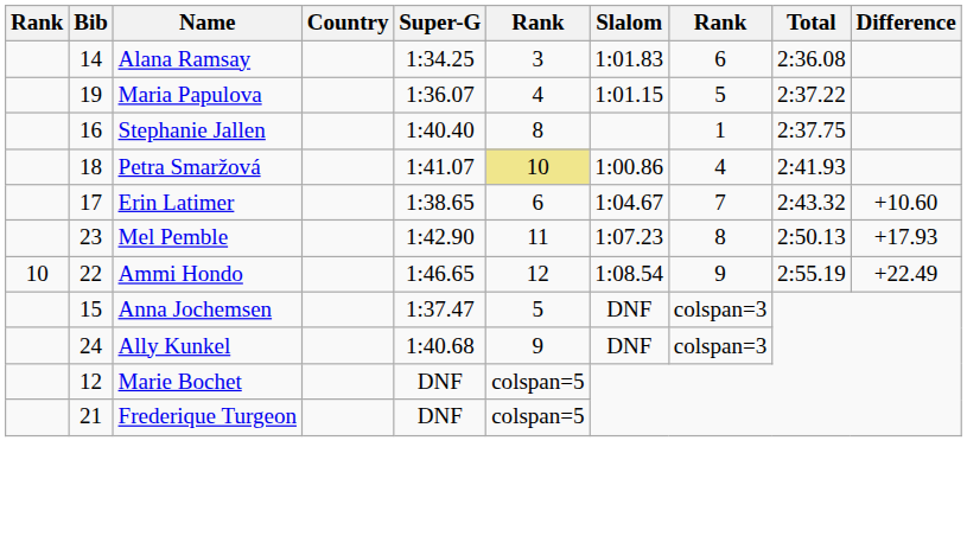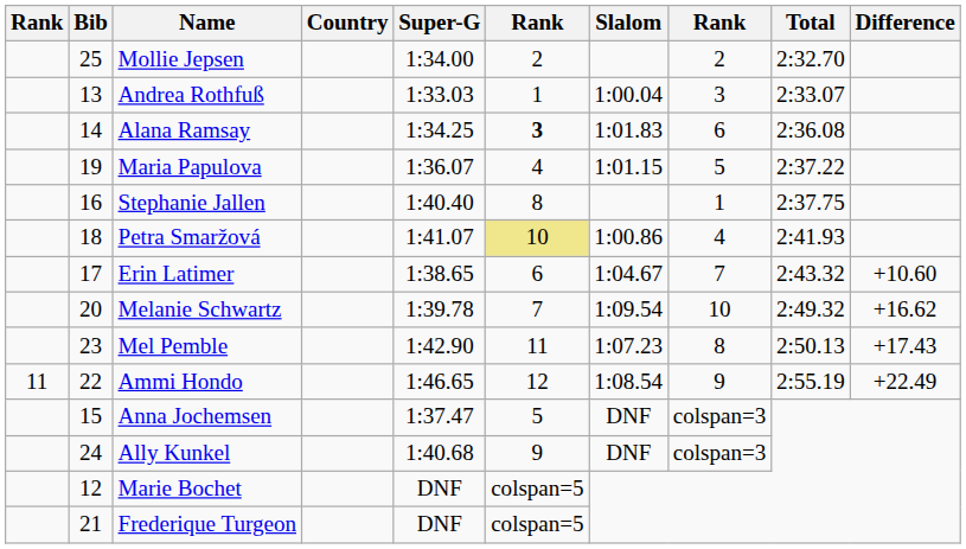 <table class="wikitable sortable" style="text-align:center">
 <tr>
 <th>Rank</th>
 <th>Bib</th>
 <th>Name</th>
 <th>Country</th>
 <th>Super-G</th>
 <th>Rank</th>
 <th>Slalom</th>
 <th>Rank</th>
 <th>Total</th>
 <th>Difference</th>
 </tr>
 <tr>
 <td></td>
+<td>25</td>
+<td align="left"><a href='#'>Mollie Jepsen</a></td>
+<td align="left"></td>
+<td>1:34.00</td>
+<td>2</td>
+<td></td>
+<td>2</td>
+<td>2:32.70</td>
+<td></td>
+</tr>
+<tr>
+<td></td>
+<td>13</td>
+<td align="left"><a href='#'>Andrea Rothfuß</a></td>
+<td align="left"></td>
+<td>1:33.03</td>
+<td>1</td>
+<td>1:00.04</td>
+<td>3</td>
+<td>2:33.07</td>
+<td></td>
+</tr>
+<tr>
+<td></td>
 <td>14</td>
 <td align="left"><a href='#'>Alana Ramsay</a></td>
 <td align="left"></td>
 <td>1:34.25</td>
-<td>3</td>
+<td><strong>3</strong></td>
 <td>1:01.83</td>
 <td>6</td>
 <td>2:36.08</td>
 <td></td>
 </tr>
 <tr>
 <td></td>
 <td>19</td>
 <td align="left"><a href='#'>Maria Papulova</a></td>
 <td align="left"></td>
 <td>1:36.07</td>
 <td>4</td>
 <td>1:01.15</td>
 <td>5</td>
 <td>2:37.22</td>
 <td></td>
 </tr>
 <tr>
 <td></td>
 <td>16</td>
 <td align="left"><a href='#'>Stephanie Jallen</a></td>
 <td align="left"></td>
 <td>1:40.40</td>
 <td>8</td>
 <td></td>
 <td>1</td>
 <td>2:37.75</td>
 <td></td>
 </tr>
 <tr>
 <td></td>
 <td>18</td>
 <td align="left"><a href='#'>Petra Smaržová</a></td>
 <td align="left"></td>
 <td>1:41.07</td>
 <td style="background: khaki;">10</td>
 <td>1:00.86</td>
 <td>4</td>
 <td>2:41.93</td>
 <td></td>
 </tr>
 <tr>
 <td></td>
 <td>17</td>
 <td align="left"><a href='#'>Erin Latimer</a></td>
 <td align="left"></td>
 <td>1:38.65</td>
 <td>6</td>
 <td>1:04.67</td>
 <td>7</td>
 <td>2:43.32</td>
 <td>+10.60</td>
 </tr>
 <tr>
 <td></td>
+<td>20</td>
+<td align="left"><a href='#'>Melanie Schwartz</a></td>
+<td align="left"></td>
+<td>1:39.78</td>
+<td>7</td>
+<td>1:09.54</td>
+<td>10</td>
+<td>2:49.32</td>
+<td>+16.62</td>
+</tr>
+<tr>
+<td></td>
 <td>23</td>
 <td align="left"><a href='#'>Mel Pemble</a></td>
 <td align="left"></td>
 <td>1:42.90</td>
 <td>11</td>
 <td>1:07.23</td>
 <td>8</td>
 <td>2:50.13</td>
-<td>+17.93</td>
+<td>+17.43</td>
 </tr>
 <tr>
-<td>10</td>
+<td>11</td>
 <td>22</td>
 <td align="left"><a href='#'>Ammi Hondo</a></td>
 <td align="left"></td>
 <td>1:46.65</td>
 <td>12</td>
 <td>1:08.54</td>
 <td>9</td>
 <td>2:55.19</td>
 <td>+22.49</td>
 </tr>
 <tr>
 <td></td>
 <td>15</td>
 <td align="left"><a href='#'>Anna Jochemsen</a></td>
 <td align="left"></td>
 <td>1:37.47</td>
 <td>5</td>
 <td>DNF</td>
 <td>colspan=3 </td>
 </tr>
 <tr>
 <td></td>
 <td>24</td>
 <td align="left"><a href='#'>Ally Kunkel</a></td>
 <td align="left"></td>
 <td>1:40.68</td>
 <td>9</td>
 <td>DNF</td>
 <td>colspan=3 </td>
 </tr>
 <tr>
 <td></td>
 <td>12</td>
 <td align="left"><a href='#'>Marie Bochet</a></td>
 <td align="left"></td>
 <td>DNF</td>
 <td>colspan=5 </td>
 </tr>
 <tr>
 <td></td>
 <td>21</td>
 <td align="left"><a href='#'>Frederique Turgeon</a></td>
 <td align="left"></td>
 <td>DNF</td>
 <td>colspan=5 </td>
 </tr>
 </table>
